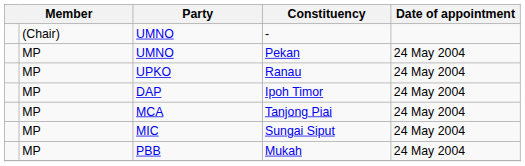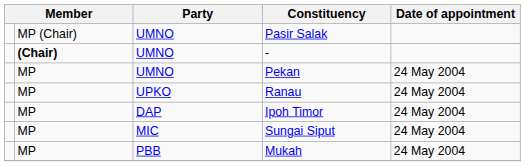 <table class="sortable wikitable">
 <tr>
 <th width="160px" colspan="2" valign="top">Member</th>
 <th width="160px" valign="top">Party</th>
 <th width="160px" valign="top">Constituency</th>
 <th width="160px" valign="top">Date of appointment</th>
 </tr>
 <tr>
 <td></td>
-<td> (Chair)</td>
+<td> MP (Chair)</td>
+<td><a href='#'>UMNO</a></td>
+<td><a href='#'>Pasir Salak</a></td>
+<td></td>
+</tr>
+<tr>
+<td></td>
+<td><strong> (Chair)</strong></td>
 <td><a href='#'>UMNO</a></td>
 <td>-</td>
 <td></td>
 </tr>
 <tr>
 <td></td>
 <td> MP</td>
 <td><a href='#'>UMNO</a></td>
 <td><a href='#'>Pekan</a></td>
 <td>24 May 2004</td>
 </tr>
 <tr>
 <td></td>
 <td> MP</td>
 <td><a href='#'>UPKO</a></td>
 <td><a href='#'>Ranau</a></td>
 <td>24 May 2004</td>
 </tr>
 <tr>
 <td></td>
 <td> MP</td>
 <td><a href='#'>DAP</a></td>
 <td><a href='#'>Ipoh Timor</a></td>
 <td>24 May 2004</td>
 </tr>
 <tr>
 <td></td>
 <td> MP</td>
-<td><a href='#'>MCA</a></td>
-<td><a href='#'>Tanjong Piai</a></td>
-<td>24 May 2004</td>
-</tr>
-<tr>
-<td></td>
-<td> MP</td>
 <td><a href='#'>MIC</a></td>
 <td><a href='#'>Sungai Siput</a></td>
 <td>24 May 2004</td>
 </tr>
 <tr>
 <td></td>
 <td> MP</td>
 <td><a href='#'>PBB</a></td>
 <td><a href='#'>Mukah</a></td>
 <td>24 May 2004</td>
 </tr>
 <tr>
 </tr>
 </table>
